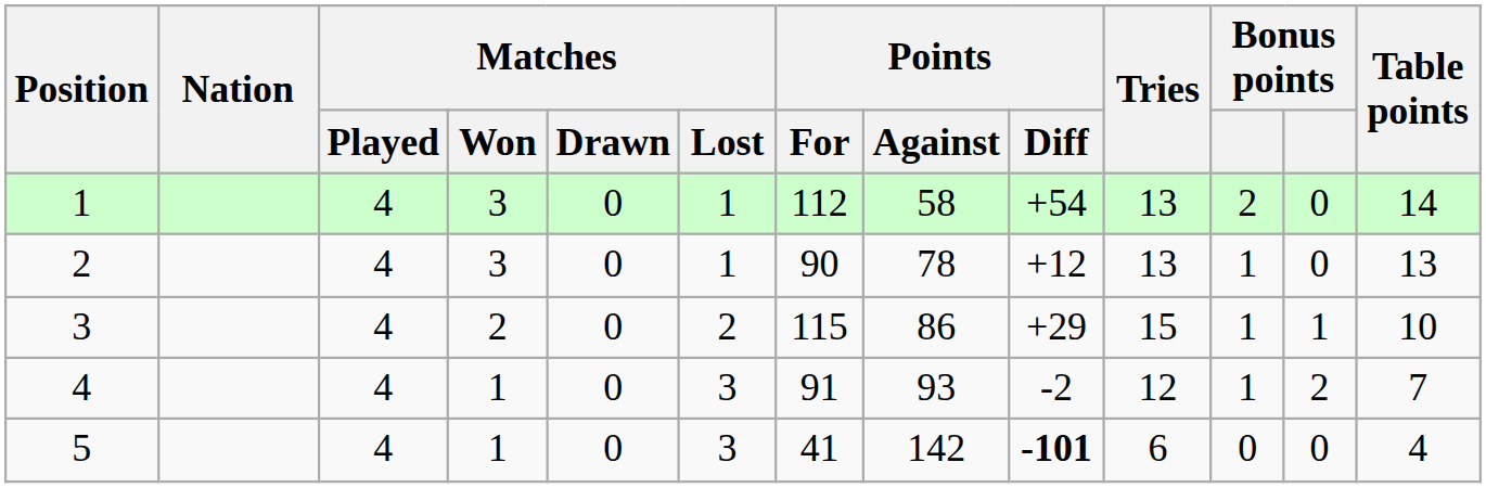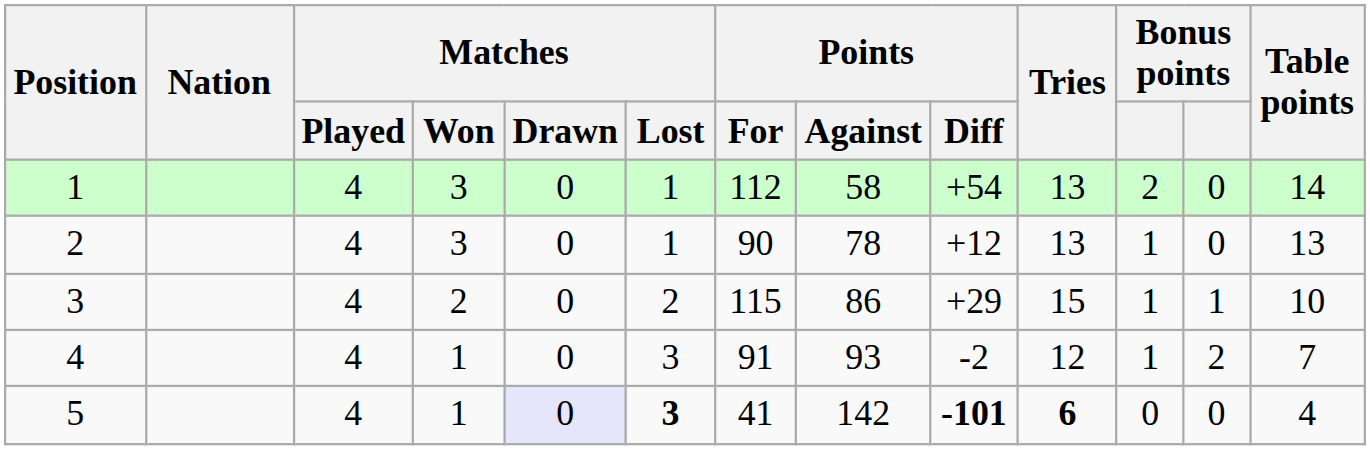 <table class="wikitable" style="text-align:center">
 <tr>
 <th rowspan="2" style="width:7%">Position</th>
 <th rowspan="2" style="width:14%">Nation</th>
 <th colspan="4" style="width:28%">Matches</th>
 <th colspan="3" style="width:21%">Points</th>
 <th rowspan="2" style="width:8%">Tries</th>
 <th colspan="2" style="width:14%">Bonus<br>points</th>
 <th rowspan="2" style="width:9%">Table<br>points</th>
 </tr>
 <tr>
 <th style="width:7%">Played</th>
 <th style="width:7%">Won</th>
 <th style="width:7%">Drawn</th>
 <th style="width:7%">Lost</th>
 <th style="width:7%">For</th>
 <th style="width:7%">Against</th>
 <th style="width:7%">Diff</th>
 <th style="width:6%"></th>
 <th style="width:6%"></th>
 </tr>
 <tr bgcolor=#ccffcc  align=center>
 <td>1</td>
 <td align="left"></td>
 <td>4</td>
 <td>3</td>
 <td>0</td>
 <td>1</td>
 <td>112</td>
 <td>58</td>
 <td>+54</td>
 <td>13</td>
 <td>2</td>
 <td>0</td>
 <td>14</td>
 </tr>
 <tr>
 <td>2</td>
 <td align="left"></td>
 <td>4</td>
 <td>3</td>
 <td>0</td>
 <td>1</td>
 <td>90</td>
 <td>78</td>
 <td>+12</td>
 <td>13</td>
 <td>1</td>
 <td>0</td>
 <td>13</td>
 </tr>
 <tr>
 <td>3</td>
 <td align="left"></td>
 <td>4</td>
 <td>2</td>
 <td>0</td>
 <td>2</td>
 <td>115</td>
 <td>86</td>
 <td>+29</td>
 <td>15</td>
 <td>1</td>
 <td>1</td>
 <td>10</td>
 </tr>
 <tr>
 <td>4</td>
 <td align="left"></td>
 <td>4</td>
 <td>1</td>
 <td>0</td>
 <td>3</td>
 <td>91</td>
 <td>93</td>
 <td>-2</td>
 <td>12</td>
 <td>1</td>
 <td>2</td>
 <td>7</td>
 </tr>
 <tr>
 <td>5</td>
 <td align="left"></td>
 <td>4</td>
 <td>1</td>
-<td>0</td>
-<td>3</td>
+<td style="background: lavender;">0</td>
+<td><strong>3</strong></td>
 <td>41</td>
 <td>142</td>
 <td><strong>-101</strong></td>
-<td>6</td>
+<td><strong>6</strong></td>
 <td>0</td>
 <td>0</td>
 <td>4<br></td>
 </tr>
 </table>
